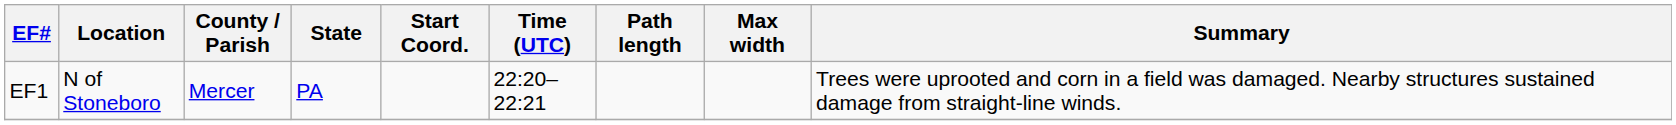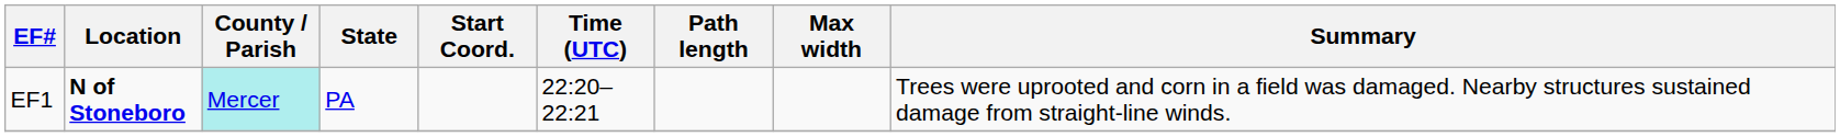 <table class="wikitable sortable" style="width:100%;">
 <tr>
 <th scope="col"  style="width:3%; text-align:center;"><a href='#'>EF#</a></th>
 <th scope="col"  style="width:7%; text-align:center;" class="unsortable">Location</th>
 <th scope="col"  style="width:6%; text-align:center;" class="unsortable">County / Parish</th>
 <th scope="col"  style="width:5%; text-align:center;">State</th>
 <th scope="col"  style="width:6%; text-align:center;">Start Coord.</th>
 <th scope="col"  style="width:6%; text-align:center;">Time (<a href='#'>UTC</a>)</th>
 <th scope="col"  style="width:6%; text-align:center;">Path length</th>
 <th scope="col"  style="width:6%; text-align:center;">Max width</th>
 <th scope="col" class="unsortable" style="width:48%; text-align:center;">Summary</th>
 </tr>
 <tr>
 <td>EF1</td>
-<td>N of <a href='#'>Stoneboro</a></td>
-<td><a href='#'>Mercer</a></td>
+<td><strong>N of <a href='#'>Stoneboro</a></strong></td>
+<td style="background: paleturquoise;"><a href='#'>Mercer</a></td>
 <td><a href='#'>PA</a></td>
 <td></td>
 <td>22:20–22:21</td>
 <td></td>
 <td></td>
 <td>Trees were uprooted and corn in a field was damaged. Nearby structures sustained damage from straight-line winds.</td>
 </tr>
 <tr>
 </tr>
 </table>
